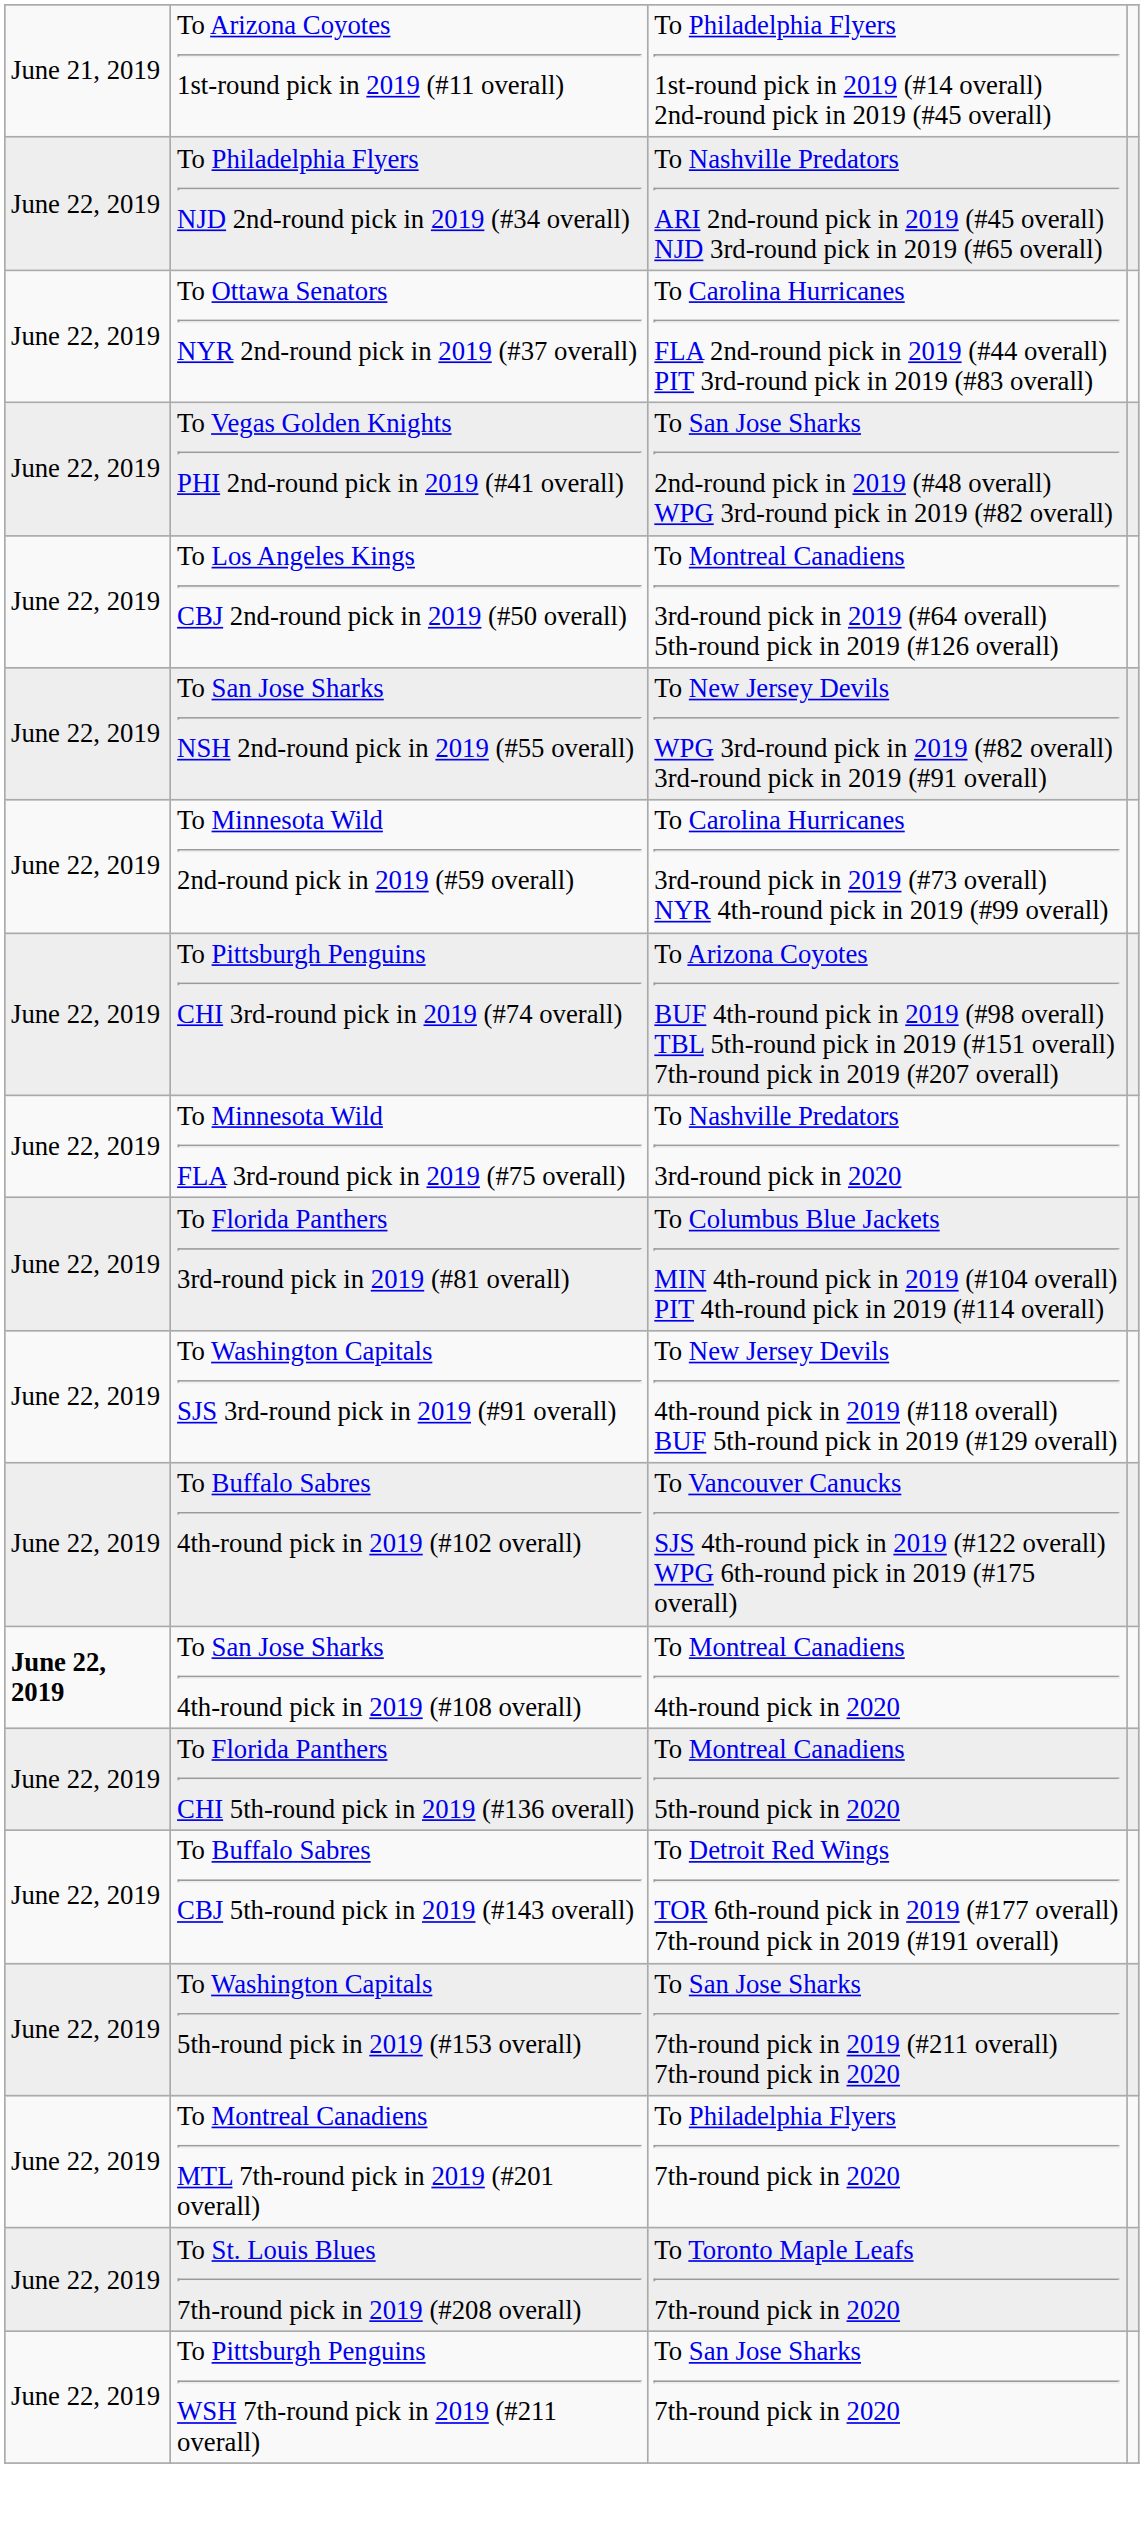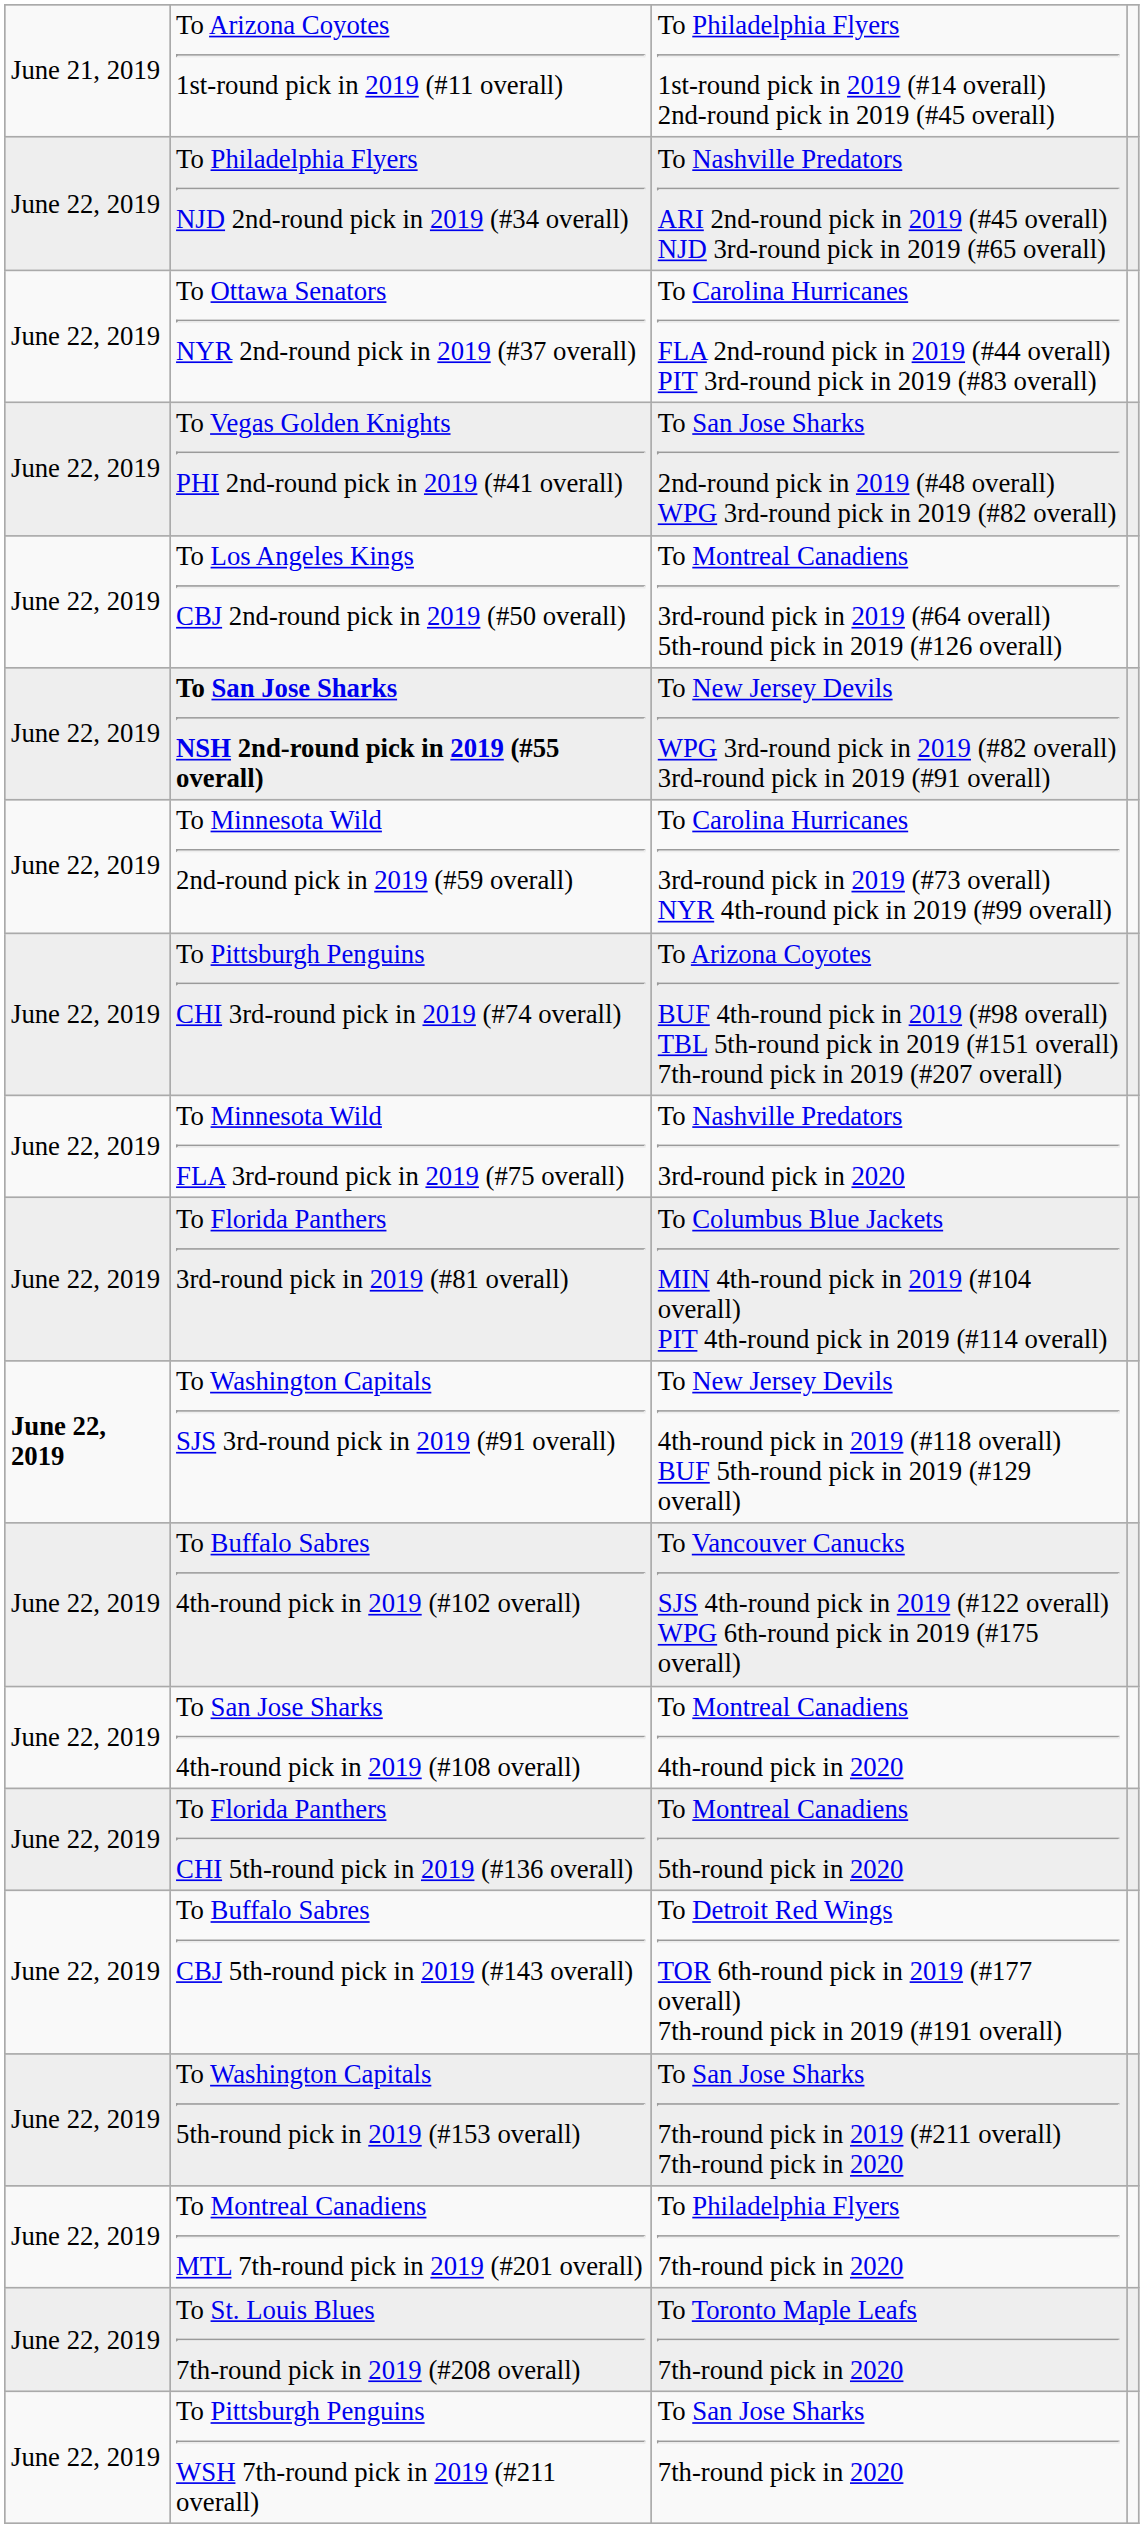 <table class="wikitable" style="border:1px solid #999999; width:680px;">
 <tr>
 <td>June 21, 2019</td>
 <td valign="top">To <a href='#'>Arizona Coyotes</a><hr>1st-round pick in <a href='#'>2019</a> (#11 overall)</td>
 <td valign="top">To <a href='#'>Philadelphia Flyers</a><hr>1st-round pick in <a href='#'>2019</a> (#14 overall)<br>2nd-round pick in 2019 (#45 overall)</td>
 <td></td>
 </tr>
 <tr bgcolor="eeeeee">
 <td>June 22, 2019</td>
 <td valign="top">To <a href='#'>Philadelphia Flyers</a><hr><a href='#'>NJD</a> 2nd-round pick in <a href='#'>2019</a> (#34 overall)</td>
 <td valign="top">To <a href='#'>Nashville Predators</a><hr><a href='#'>ARI</a> 2nd-round pick in <a href='#'>2019</a> (#45 overall)<br><a href='#'>NJD</a> 3rd-round pick in 2019 (#65 overall)</td>
 <td></td>
 </tr>
 <tr>
 <td>June 22, 2019</td>
 <td valign="top">To <a href='#'>Ottawa Senators</a><hr><a href='#'>NYR</a> 2nd-round pick in <a href='#'>2019</a> (#37 overall)</td>
 <td valign="top">To <a href='#'>Carolina Hurricanes</a><hr><a href='#'>FLA</a> 2nd-round pick in <a href='#'>2019</a> (#44 overall)<br><a href='#'>PIT</a> 3rd-round pick in 2019 (#83 overall)</td>
 <td></td>
 </tr>
 <tr bgcolor="eeeeee">
 <td>June 22, 2019</td>
 <td valign="top">To <a href='#'>Vegas Golden Knights</a><hr><a href='#'>PHI</a> 2nd-round pick in <a href='#'>2019</a> (#41 overall)</td>
 <td valign="top">To <a href='#'>San Jose Sharks</a><hr>2nd-round pick in <a href='#'>2019</a> (#48 overall)<br><a href='#'>WPG</a> 3rd-round pick in 2019 (#82 overall)</td>
 <td></td>
 </tr>
 <tr>
 <td>June 22, 2019</td>
 <td valign="top">To <a href='#'>Los Angeles Kings</a><hr><a href='#'>CBJ</a> 2nd-round pick in <a href='#'>2019</a> (#50 overall)</td>
 <td valign="top">To <a href='#'>Montreal Canadiens</a><hr>3rd-round pick in <a href='#'>2019</a> (#64 overall)<br>5th-round pick in 2019 (#126 overall)</td>
 <td></td>
 </tr>
 <tr bgcolor="eeeeee">
 <td>June 22, 2019</td>
-<td valign="top">To <a href='#'>San Jose Sharks</a><hr><a href='#'>NSH</a> 2nd-round pick in <a href='#'>2019</a> (#55 overall)</td>
+<td valign="top"><strong>To <a href='#'>San Jose Sharks</a><hr><a href='#'>NSH</a> 2nd-round pick in <a href='#'>2019</a> (#55 overall)</strong></td>
 <td valign="top">To <a href='#'>New Jersey Devils</a><hr><a href='#'>WPG</a> 3rd-round pick in <a href='#'>2019</a> (#82 overall)<br>3rd-round pick in 2019 (#91 overall)</td>
 <td></td>
 </tr>
 <tr>
 <td>June 22, 2019</td>
 <td valign="top">To <a href='#'>Minnesota Wild</a><hr>2nd-round pick in <a href='#'>2019</a> (#59 overall)</td>
 <td valign="top">To <a href='#'>Carolina Hurricanes</a><hr>3rd-round pick in <a href='#'>2019</a> (#73 overall)<br><a href='#'>NYR</a> 4th-round pick in 2019 (#99 overall)</td>
 <td></td>
 </tr>
 <tr bgcolor="eeeeee">
 <td>June 22, 2019</td>
 <td valign="top">To <a href='#'>Pittsburgh Penguins</a><hr><a href='#'>CHI</a> 3rd-round pick in <a href='#'>2019</a> (#74 overall)</td>
 <td valign="top">To <a href='#'>Arizona Coyotes</a><hr><a href='#'>BUF</a> 4th-round pick in <a href='#'>2019</a> (#98 overall)<br><a href='#'>TBL</a> 5th-round pick in 2019 (#151 overall)<br>7th-round pick in 2019 (#207 overall)</td>
 <td></td>
 </tr>
 <tr>
 <td>June 22, 2019</td>
 <td valign="top">To <a href='#'>Minnesota Wild</a><hr><a href='#'>FLA</a> 3rd-round pick in <a href='#'>2019</a> (#75 overall)</td>
 <td valign="top">To <a href='#'>Nashville Predators</a><hr>3rd-round pick in <a href='#'>2020</a></td>
 <td></td>
 </tr>
 <tr bgcolor="eeeeee">
 <td>June 22, 2019</td>
 <td valign="top">To <a href='#'>Florida Panthers</a><hr>3rd-round pick in <a href='#'>2019</a> (#81 overall)</td>
 <td valign="top">To <a href='#'>Columbus Blue Jackets</a><hr><a href='#'>MIN</a> 4th-round pick in <a href='#'>2019</a> (#104 overall)<br><a href='#'>PIT</a> 4th-round pick in 2019 (#114 overall)</td>
 <td></td>
 </tr>
 <tr>
-<td>June 22, 2019</td>
+<td><strong>June 22, 2019</strong></td>
 <td valign="top">To <a href='#'>Washington Capitals</a><hr><a href='#'>SJS</a> 3rd-round pick in <a href='#'>2019</a> (#91 overall)</td>
 <td valign="top">To <a href='#'>New Jersey Devils</a><hr>4th-round pick in <a href='#'>2019</a> (#118 overall)<br><a href='#'>BUF</a> 5th-round pick in 2019 (#129 overall)</td>
 <td></td>
 </tr>
 <tr bgcolor="eeeeee">
 <td>June 22, 2019</td>
 <td valign="top">To <a href='#'>Buffalo Sabres</a><hr>4th-round pick in <a href='#'>2019</a> (#102 overall)</td>
 <td valign="top">To <a href='#'>Vancouver Canucks</a><hr><a href='#'>SJS</a> 4th-round pick in <a href='#'>2019</a> (#122 overall)<br><a href='#'>WPG</a> 6th-round pick in 2019 (#175 overall)</td>
 <td></td>
 </tr>
 <tr>
-<td><strong>June 22, 2019</strong></td>
+<td>June 22, 2019</td>
 <td valign="top">To <a href='#'>San Jose Sharks</a><hr>4th-round pick in <a href='#'>2019</a> (#108 overall)</td>
 <td valign="top">To <a href='#'>Montreal Canadiens</a><hr>4th-round pick in <a href='#'>2020</a></td>
 <td></td>
 </tr>
 <tr bgcolor="eeeeee">
 <td>June 22, 2019</td>
 <td valign="top">To <a href='#'>Florida Panthers</a><hr><a href='#'>CHI</a> 5th-round pick in <a href='#'>2019</a> (#136 overall)</td>
 <td valign="top">To <a href='#'>Montreal Canadiens</a><hr>5th-round pick in <a href='#'>2020</a></td>
 <td></td>
 </tr>
 <tr>
 <td>June 22, 2019</td>
 <td valign="top">To <a href='#'>Buffalo Sabres</a><hr><a href='#'>CBJ</a> 5th-round pick in <a href='#'>2019</a> (#143 overall)</td>
 <td valign="top">To <a href='#'>Detroit Red Wings</a><hr><a href='#'>TOR</a> 6th-round pick in <a href='#'>2019</a> (#177 overall)<br>7th-round pick in 2019 (#191 overall)</td>
 <td></td>
 </tr>
 <tr bgcolor="eeeeee">
 <td>June 22, 2019</td>
 <td valign="top">To <a href='#'>Washington Capitals</a><hr>5th-round pick in <a href='#'>2019</a> (#153 overall)</td>
 <td valign="top">To <a href='#'>San Jose Sharks</a><hr>7th-round pick in <a href='#'>2019</a> (#211 overall)<br>7th-round pick in <a href='#'>2020</a></td>
 <td></td>
 </tr>
 <tr>
 <td>June 22, 2019</td>
 <td valign="top">To <a href='#'>Montreal Canadiens</a><hr><a href='#'>MTL</a> 7th-round pick in <a href='#'>2019</a> (#201 overall)</td>
 <td valign="top">To <a href='#'>Philadelphia Flyers</a><hr>7th-round pick in <a href='#'>2020</a></td>
 <td></td>
 </tr>
 <tr bgcolor="eeeeee">
 <td>June 22, 2019</td>
 <td valign="top">To <a href='#'>St. Louis Blues</a><hr>7th-round pick in <a href='#'>2019</a> (#208 overall)</td>
 <td valign="top">To <a href='#'>Toronto Maple Leafs</a><hr>7th-round pick in <a href='#'>2020</a></td>
 <td></td>
 </tr>
 <tr>
 <td>June 22, 2019</td>
 <td valign="top">To <a href='#'>Pittsburgh Penguins</a><hr><a href='#'>WSH</a> 7th-round pick in <a href='#'>2019</a> (#211 overall)</td>
 <td valign="top">To <a href='#'>San Jose Sharks</a><hr>7th-round pick in <a href='#'>2020</a></td>
 <td></td>
 </tr>
 </table>
